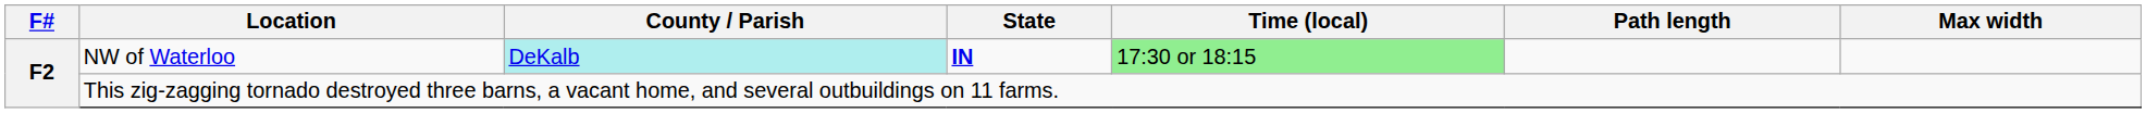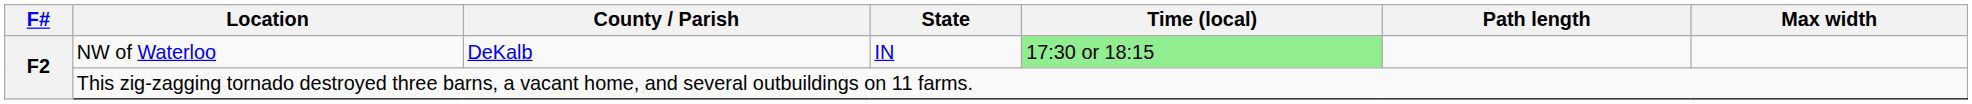 <table class="wikitable sortable" style="width:100%;">
 <tr>
 <th scope="col" align="center"><a href='#'>F#</a><br></th>
 <th scope="col" align="center" class="unsortable">Location</th>
 <th scope="col" align="center" class="unsortable">County / Parish</th>
 <th scope="col" align="center">State</th>
 <th scope="col" align="center">Time (local)</th>
 <th scope="col" align="center">Path length</th>
 <th scope="col" align="center">Max width</th>
 </tr>
 <tr>
 <th scope="row" rowspan="2" style="background-color:#">F2</th>
 <td>NW of <a href='#'>Waterloo</a></td>
-<td style="background: paleturquoise;"><a href='#'>DeKalb</a></td>
-<td><strong><a href='#'>IN</a></strong></td>
+<td><a href='#'>DeKalb</a></td>
+<td><a href='#'>IN</a></td>
 <td style="background: lightgreen;">17:30 or 18:15</td>
 <td></td>
 <td></td>
 </tr>
 <tr class="expand-child">
 <td colspan="6" style="border-bottom: 1px solid black;">This zig-zagging tornado destroyed three barns, a vacant home, and several outbuildings on 11 farms.</td>
 </tr>
 </table>
